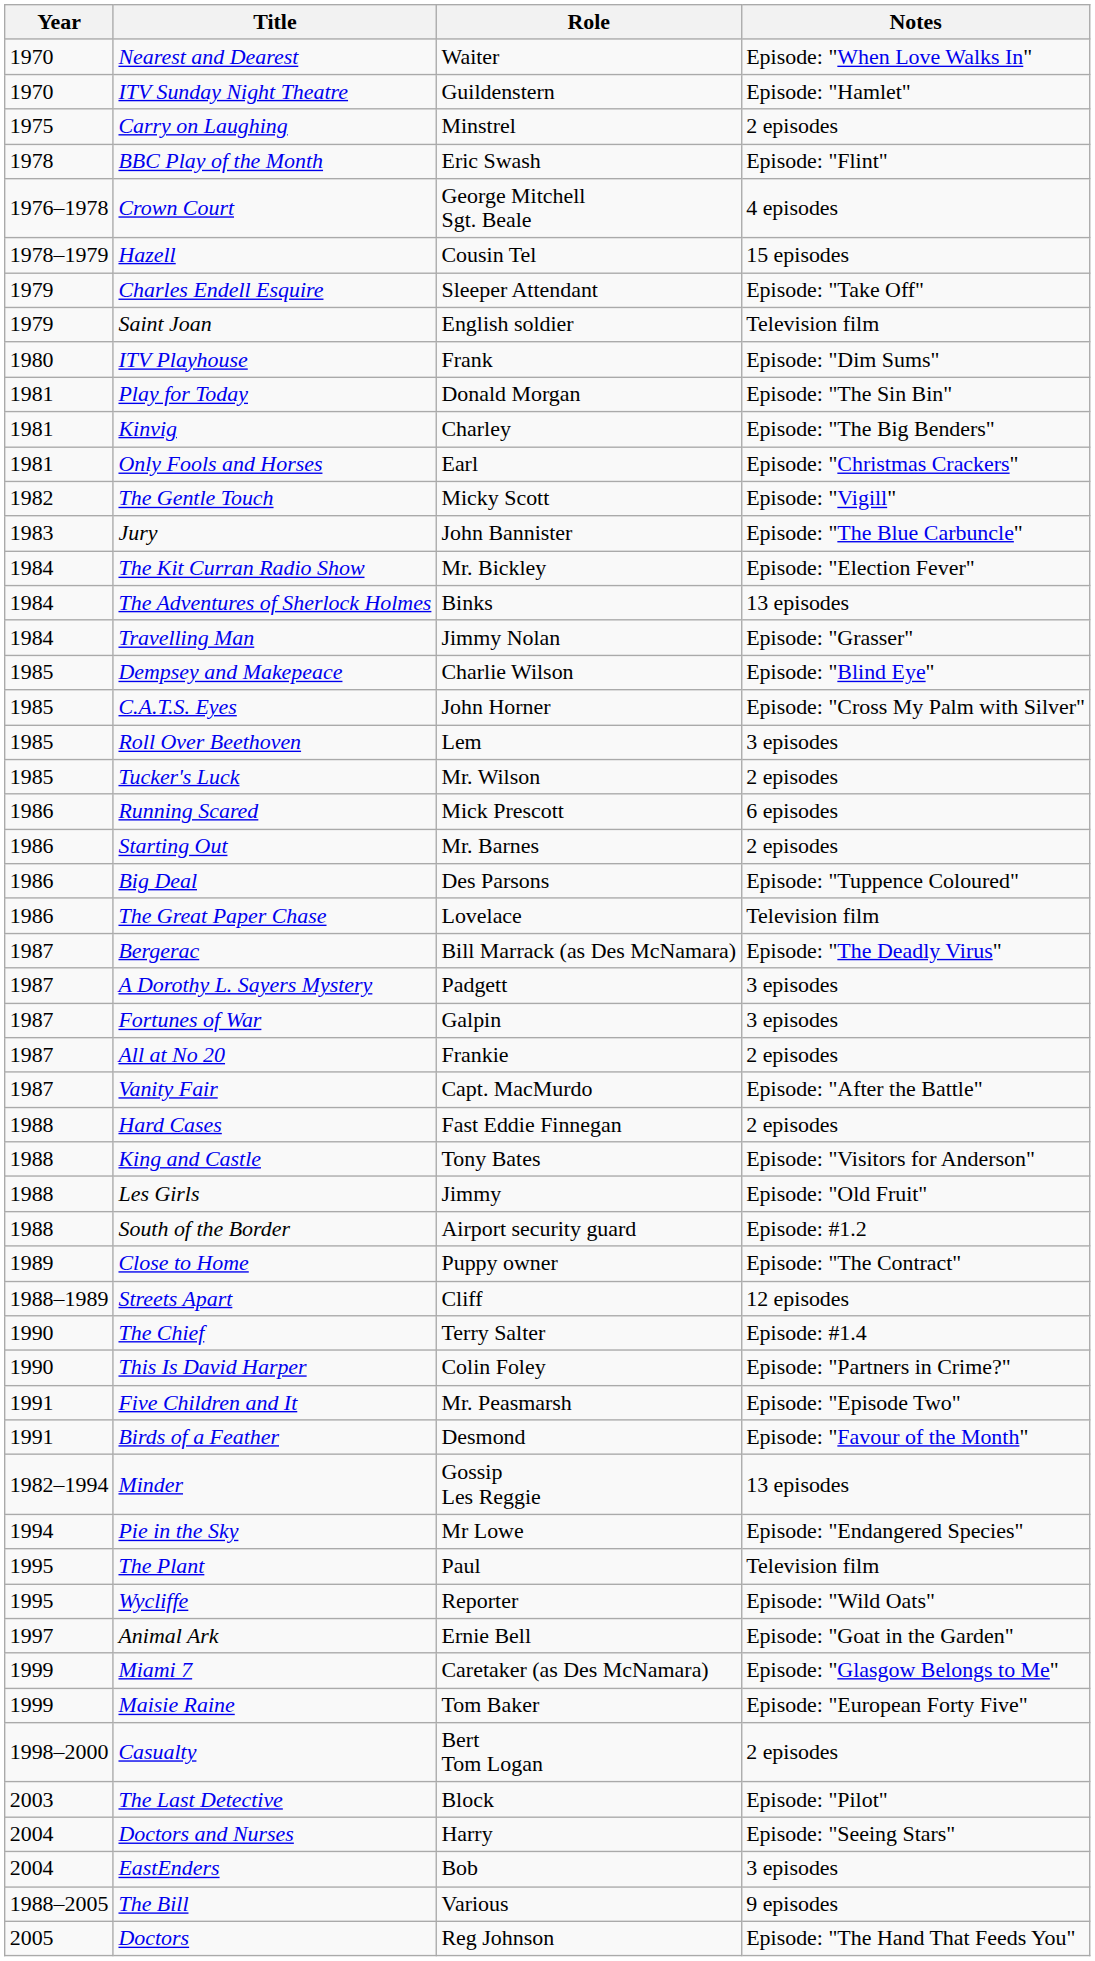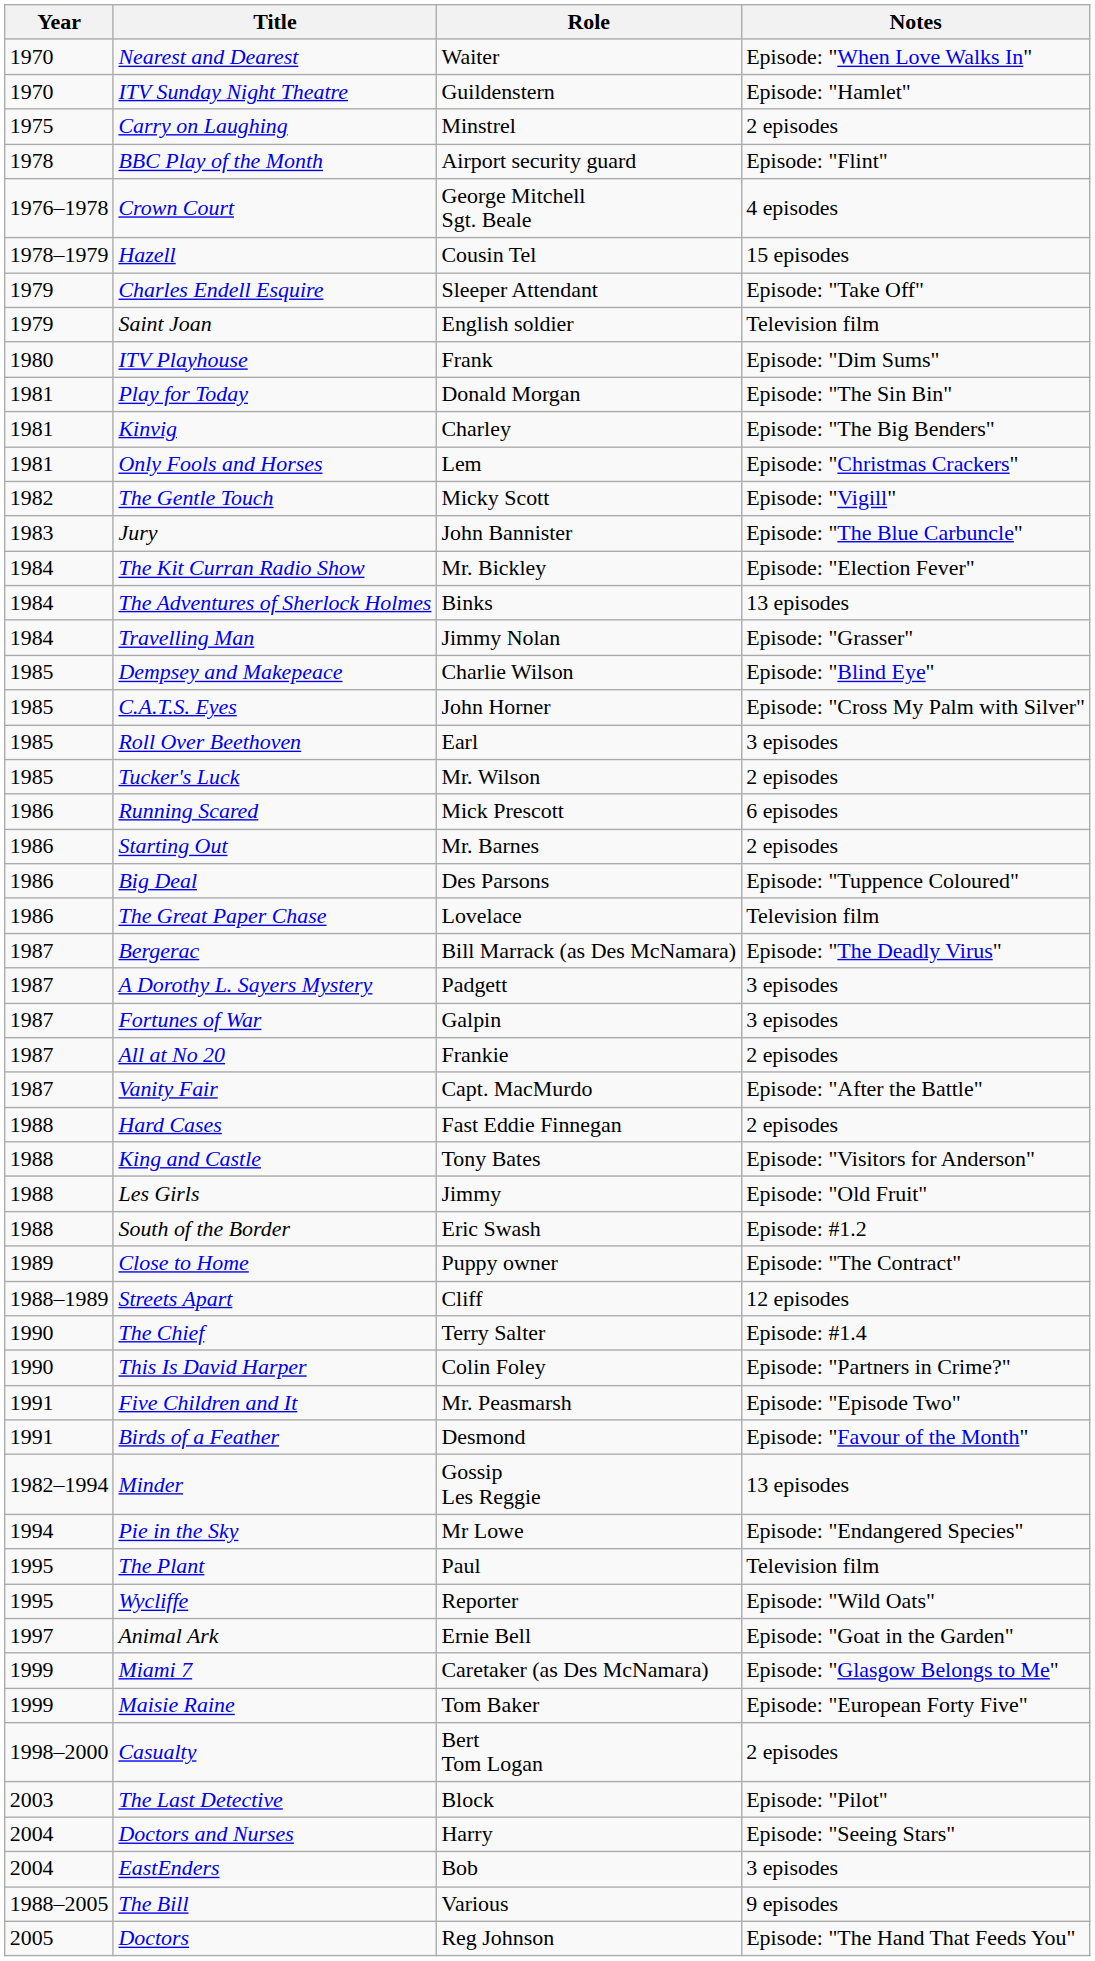 <table class="wikitable sortable">
 <tr>
 <th>Year</th>
 <th>Title</th>
 <th>Role</th>
 <th class="unsortable">Notes</th>
 </tr>
 <tr>
 <td>1970</td>
 <td><em><a href='#'>Nearest and Dearest</a></em></td>
 <td>Waiter</td>
 <td>Episode: "<a href='#'>When Love Walks In</a>"</td>
 </tr>
 <tr>
 <td>1970</td>
 <td><em><a href='#'>ITV Sunday Night Theatre</a></em></td>
 <td>Guildenstern</td>
 <td>Episode: "Hamlet"</td>
 </tr>
 <tr>
 <td>1975</td>
 <td><em><a href='#'>Carry on Laughing</a></em></td>
 <td>Minstrel</td>
 <td>2 episodes</td>
 </tr>
 <tr>
 <td>1978</td>
 <td><em><a href='#'>BBC Play of the Month</a></em></td>
-<td>Eric Swash</td>
+<td>Airport security guard</td>
 <td>Episode: "Flint"</td>
 </tr>
 <tr>
 <td>1976–1978</td>
 <td><em><a href='#'>Crown Court</a></em></td>
 <td>George Mitchell<br>Sgt. Beale</td>
 <td>4 episodes</td>
 </tr>
 <tr>
 <td>1978–1979</td>
 <td><em><a href='#'>Hazell</a></em></td>
 <td>Cousin Tel</td>
 <td>15 episodes</td>
 </tr>
 <tr>
 <td>1979</td>
 <td><em><a href='#'>Charles Endell Esquire</a></em></td>
 <td>Sleeper Attendant</td>
 <td>Episode: "Take Off"</td>
 </tr>
 <tr>
 <td>1979</td>
 <td><em>Saint Joan</em></td>
 <td>English soldier</td>
 <td>Television film</td>
 </tr>
 <tr>
 <td>1980</td>
 <td><em><a href='#'>ITV Playhouse</a></em></td>
 <td>Frank</td>
 <td>Episode: "Dim Sums"</td>
 </tr>
 <tr>
 <td>1981</td>
 <td><em><a href='#'>Play for Today</a></em></td>
 <td>Donald Morgan</td>
 <td>Episode: "The Sin Bin"</td>
 </tr>
 <tr>
 <td>1981</td>
 <td><em><a href='#'>Kinvig</a></em></td>
 <td>Charley</td>
 <td>Episode: "The Big Benders"</td>
 </tr>
 <tr>
 <td>1981</td>
 <td><em><a href='#'>Only Fools and Horses</a></em></td>
-<td>Earl</td>
+<td>Lem</td>
 <td>Episode: "<a href='#'>Christmas Crackers</a>"</td>
 </tr>
 <tr>
 <td>1982</td>
 <td><em><a href='#'>The Gentle Touch</a></em></td>
 <td>Micky Scott</td>
 <td>Episode: "<a href='#'>Vigill</a>"</td>
 </tr>
 <tr>
 <td>1983</td>
 <td><em>Jury</em></td>
 <td>John Bannister</td>
 <td>Episode: "<a href='#'>The Blue Carbuncle</a>"</td>
 </tr>
 <tr>
 <td>1984</td>
 <td><em><a href='#'>The Kit Curran Radio Show</a></em></td>
 <td>Mr. Bickley</td>
 <td>Episode: "Election Fever"</td>
 </tr>
 <tr>
 <td>1984</td>
 <td><em><a href='#'>The Adventures of Sherlock Holmes</a></em></td>
 <td>Binks</td>
 <td>13 episodes</td>
 </tr>
 <tr>
 <td>1984</td>
 <td><em><a href='#'>Travelling Man</a></em></td>
 <td>Jimmy Nolan</td>
 <td>Episode: "Grasser"</td>
 </tr>
 <tr>
 <td>1985</td>
 <td><em><a href='#'>Dempsey and Makepeace</a></em></td>
 <td>Charlie Wilson</td>
 <td>Episode: "<a href='#'>Blind Eye</a>"</td>
 </tr>
 <tr>
 <td>1985</td>
 <td><em><a href='#'>C.A.T.S. Eyes</a></em></td>
 <td>John Horner</td>
 <td>Episode: "Cross My Palm with Silver"</td>
 </tr>
 <tr>
 <td>1985</td>
 <td><em><a href='#'>Roll Over Beethoven</a></em></td>
-<td>Lem</td>
+<td>Earl</td>
 <td>3 episodes</td>
 </tr>
 <tr>
 <td>1985</td>
 <td><em><a href='#'>Tucker's Luck</a></em></td>
 <td>Mr. Wilson</td>
 <td>2 episodes</td>
 </tr>
 <tr>
 <td>1986</td>
 <td><em><a href='#'>Running Scared</a></em></td>
 <td>Mick Prescott</td>
 <td>6 episodes</td>
 </tr>
 <tr>
 <td>1986</td>
 <td><em><a href='#'>Starting Out</a></em></td>
 <td>Mr. Barnes</td>
 <td>2 episodes</td>
 </tr>
 <tr>
 <td>1986</td>
 <td><em><a href='#'>Big Deal</a></em></td>
 <td>Des Parsons</td>
 <td>Episode: "Tuppence Coloured"</td>
 </tr>
 <tr>
 <td>1986</td>
 <td><em><a href='#'>The Great Paper Chase</a></em></td>
 <td>Lovelace</td>
 <td>Television film</td>
 </tr>
 <tr>
 <td>1987</td>
 <td><em><a href='#'>Bergerac</a></em></td>
 <td>Bill Marrack (as Des McNamara)</td>
 <td>Episode: "<a href='#'>The Deadly Virus</a>"</td>
 </tr>
 <tr>
 <td>1987</td>
 <td><em><a href='#'>A Dorothy L. Sayers Mystery</a></em></td>
 <td>Padgett</td>
 <td>3 episodes</td>
 </tr>
 <tr>
 <td>1987</td>
 <td><em><a href='#'>Fortunes of War</a></em></td>
 <td>Galpin</td>
 <td>3 episodes</td>
 </tr>
 <tr>
 <td>1987</td>
 <td><em><a href='#'>All at No 20</a></em></td>
 <td>Frankie</td>
 <td>2 episodes</td>
 </tr>
 <tr>
 <td>1987</td>
 <td><em><a href='#'>Vanity Fair</a></em></td>
 <td>Capt. MacMurdo</td>
 <td>Episode: "After the Battle"</td>
 </tr>
 <tr>
 <td>1988</td>
 <td><em><a href='#'>Hard Cases</a></em></td>
 <td>Fast Eddie Finnegan</td>
 <td>2 episodes</td>
 </tr>
 <tr>
 <td>1988</td>
 <td><em><a href='#'>King and Castle</a></em></td>
 <td>Tony Bates</td>
 <td>Episode: "Visitors for Anderson"</td>
 </tr>
 <tr>
 <td>1988</td>
 <td><em>Les Girls</em></td>
 <td>Jimmy</td>
 <td>Episode: "Old Fruit"</td>
 </tr>
 <tr>
 <td>1988</td>
 <td><em>South of the Border</em></td>
-<td>Airport security guard</td>
+<td>Eric Swash</td>
 <td>Episode: #1.2</td>
 </tr>
 <tr>
 <td>1989</td>
 <td><em><a href='#'>Close to Home</a></em></td>
 <td>Puppy owner</td>
 <td>Episode: "The Contract"</td>
 </tr>
 <tr>
 <td>1988–1989</td>
 <td><em><a href='#'>Streets Apart</a></em></td>
 <td>Cliff</td>
 <td>12 episodes</td>
 </tr>
 <tr>
 <td>1990</td>
 <td><em><a href='#'>The Chief</a></em></td>
 <td>Terry Salter</td>
 <td>Episode: #1.4</td>
 </tr>
 <tr>
 <td>1990</td>
 <td><em><a href='#'>This Is David Harper</a></em></td>
 <td>Colin Foley</td>
 <td>Episode: "Partners in Crime?"</td>
 </tr>
 <tr>
 <td>1991</td>
 <td><em><a href='#'>Five Children and It</a></em></td>
 <td>Mr. Peasmarsh</td>
 <td>Episode: "Episode Two"</td>
 </tr>
 <tr>
 <td>1991</td>
 <td><em><a href='#'>Birds of a Feather</a></em></td>
 <td>Desmond</td>
 <td>Episode: "<a href='#'>Favour of the Month</a>"</td>
 </tr>
 <tr>
 <td>1982–1994</td>
 <td><em><a href='#'>Minder</a></em></td>
 <td>Gossip<br>Les Reggie</td>
 <td>13 episodes</td>
 </tr>
 <tr>
 <td>1994</td>
 <td><em><a href='#'>Pie in the Sky</a></em></td>
 <td>Mr Lowe</td>
 <td>Episode: "Endangered Species"</td>
 </tr>
 <tr>
 <td>1995</td>
 <td><em><a href='#'>The Plant</a></em></td>
 <td>Paul</td>
 <td>Television film</td>
 </tr>
 <tr>
 <td>1995</td>
 <td><em><a href='#'>Wycliffe</a></em></td>
 <td>Reporter</td>
 <td>Episode: "Wild Oats"</td>
 </tr>
 <tr>
 <td>1997</td>
 <td><em>Animal Ark</em></td>
 <td>Ernie Bell</td>
 <td>Episode: "Goat in the Garden"</td>
 </tr>
 <tr>
 <td>1999</td>
 <td><em><a href='#'>Miami 7</a></em></td>
 <td>Caretaker (as Des McNamara)</td>
 <td>Episode: "<a href='#'>Glasgow Belongs to Me</a>"</td>
 </tr>
 <tr>
 <td>1999</td>
 <td><em><a href='#'>Maisie Raine</a></em></td>
 <td>Tom Baker</td>
 <td>Episode: "European Forty Five"</td>
 </tr>
 <tr>
 <td>1998–2000</td>
 <td><em><a href='#'>Casualty</a></em></td>
 <td>Bert<br>Tom Logan</td>
 <td>2 episodes</td>
 </tr>
 <tr>
 <td>2003</td>
 <td><em><a href='#'>The Last Detective</a></em></td>
 <td>Block</td>
 <td>Episode: "Pilot"</td>
 </tr>
 <tr>
 <td>2004</td>
 <td><em><a href='#'>Doctors and Nurses</a></em></td>
 <td>Harry</td>
 <td>Episode: "Seeing Stars"</td>
 </tr>
 <tr>
 <td>2004</td>
 <td><em><a href='#'>EastEnders</a></em></td>
 <td>Bob</td>
 <td>3 episodes</td>
 </tr>
 <tr>
 <td>1988–2005</td>
 <td><em><a href='#'>The Bill</a></em></td>
 <td>Various</td>
 <td>9 episodes</td>
 </tr>
 <tr>
 <td>2005</td>
 <td><em><a href='#'>Doctors</a></em></td>
 <td>Reg Johnson</td>
 <td>Episode: "The Hand That Feeds You"</td>
 </tr>
 </table>
